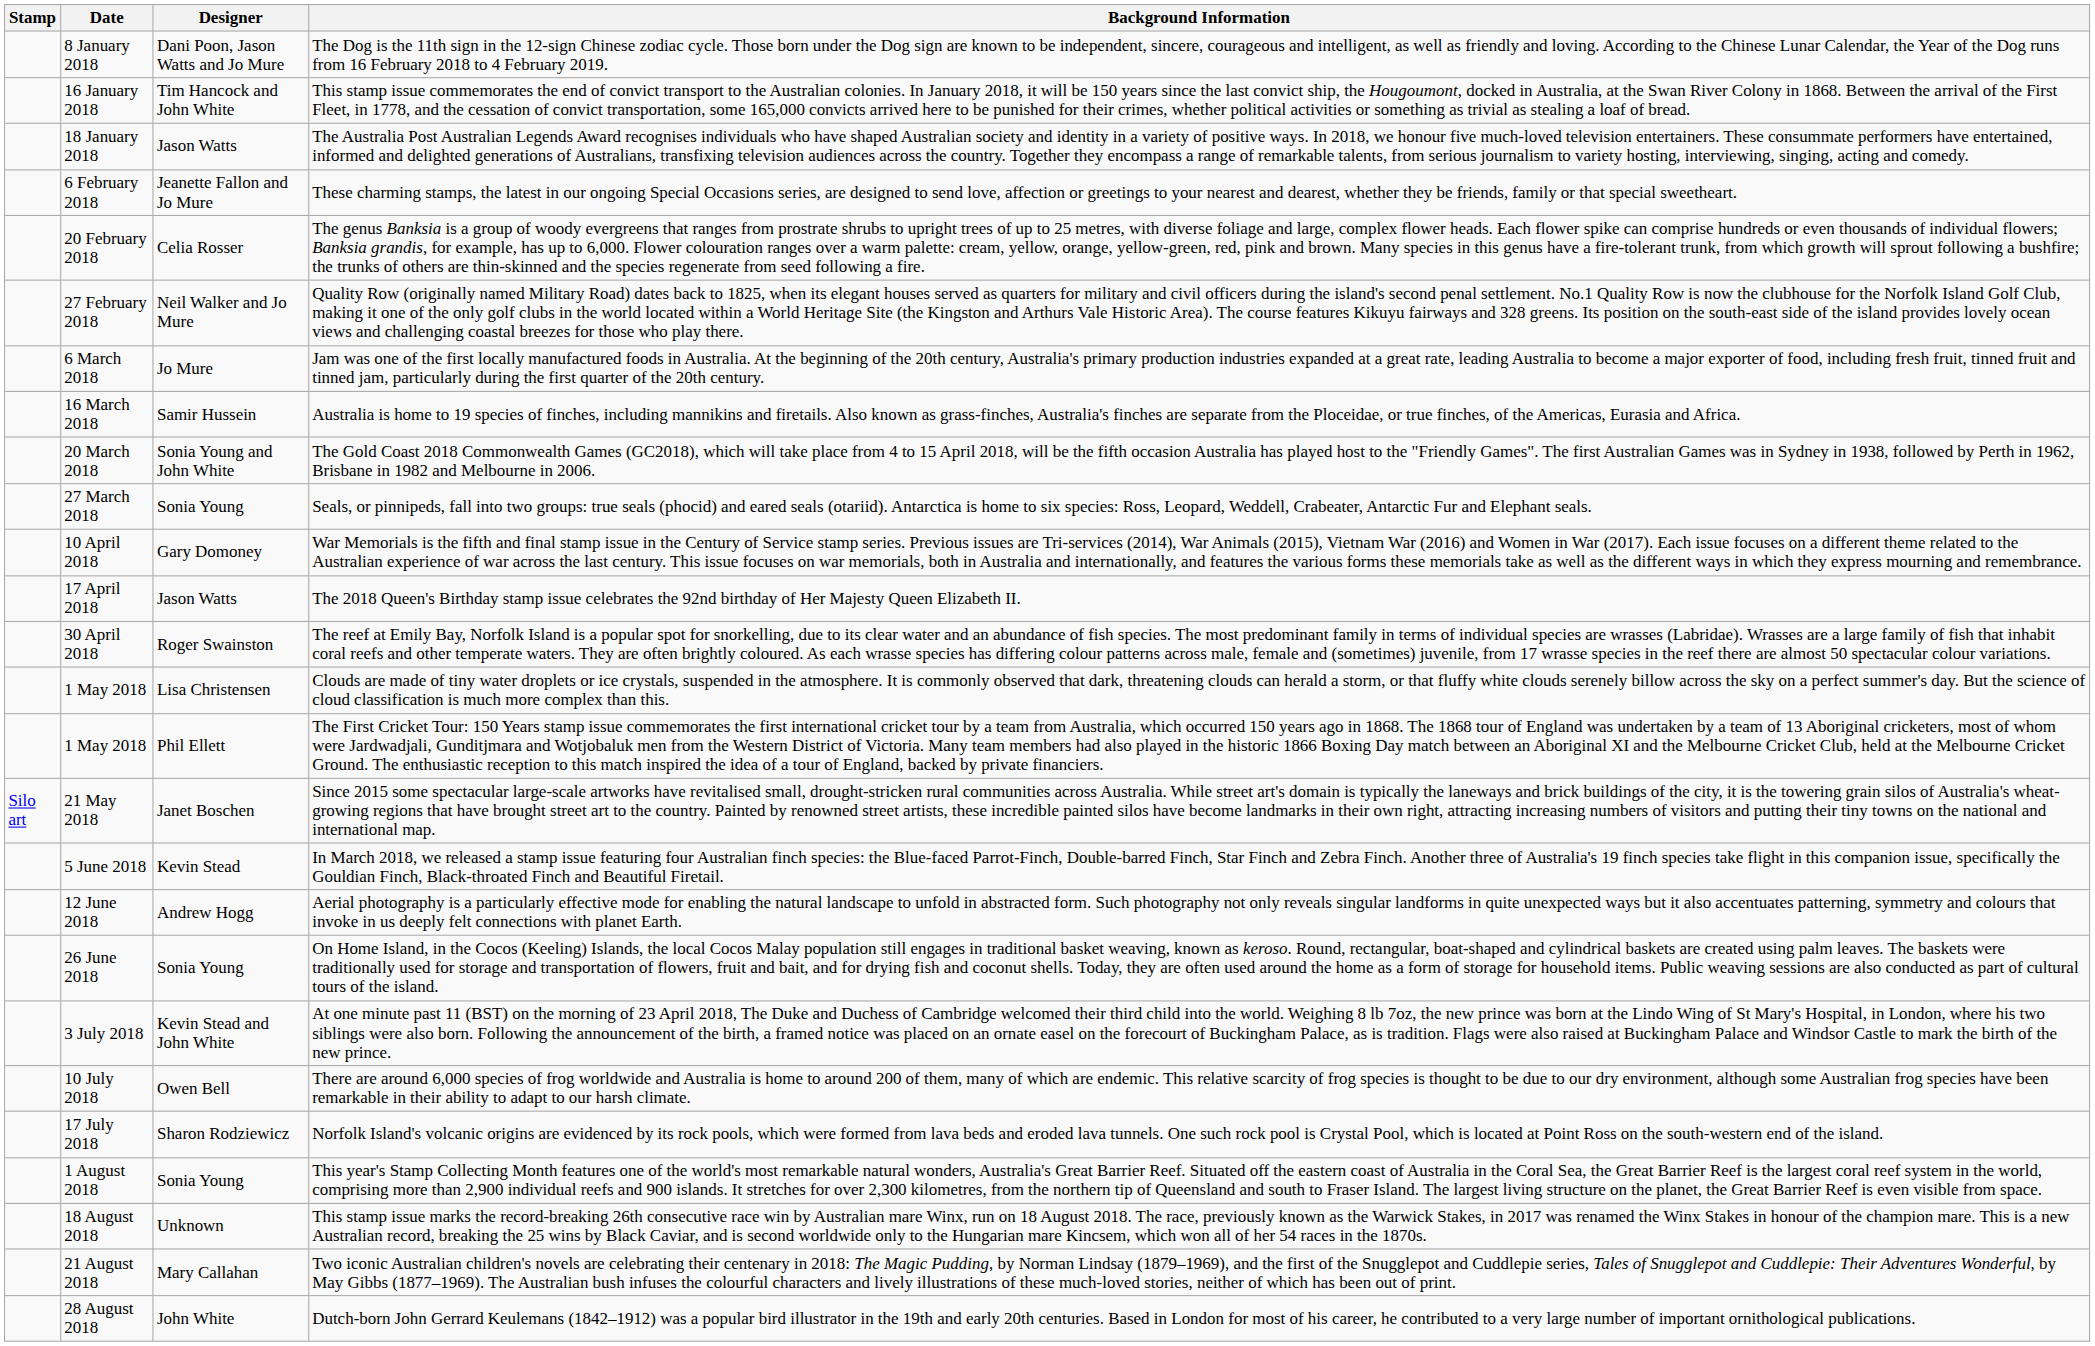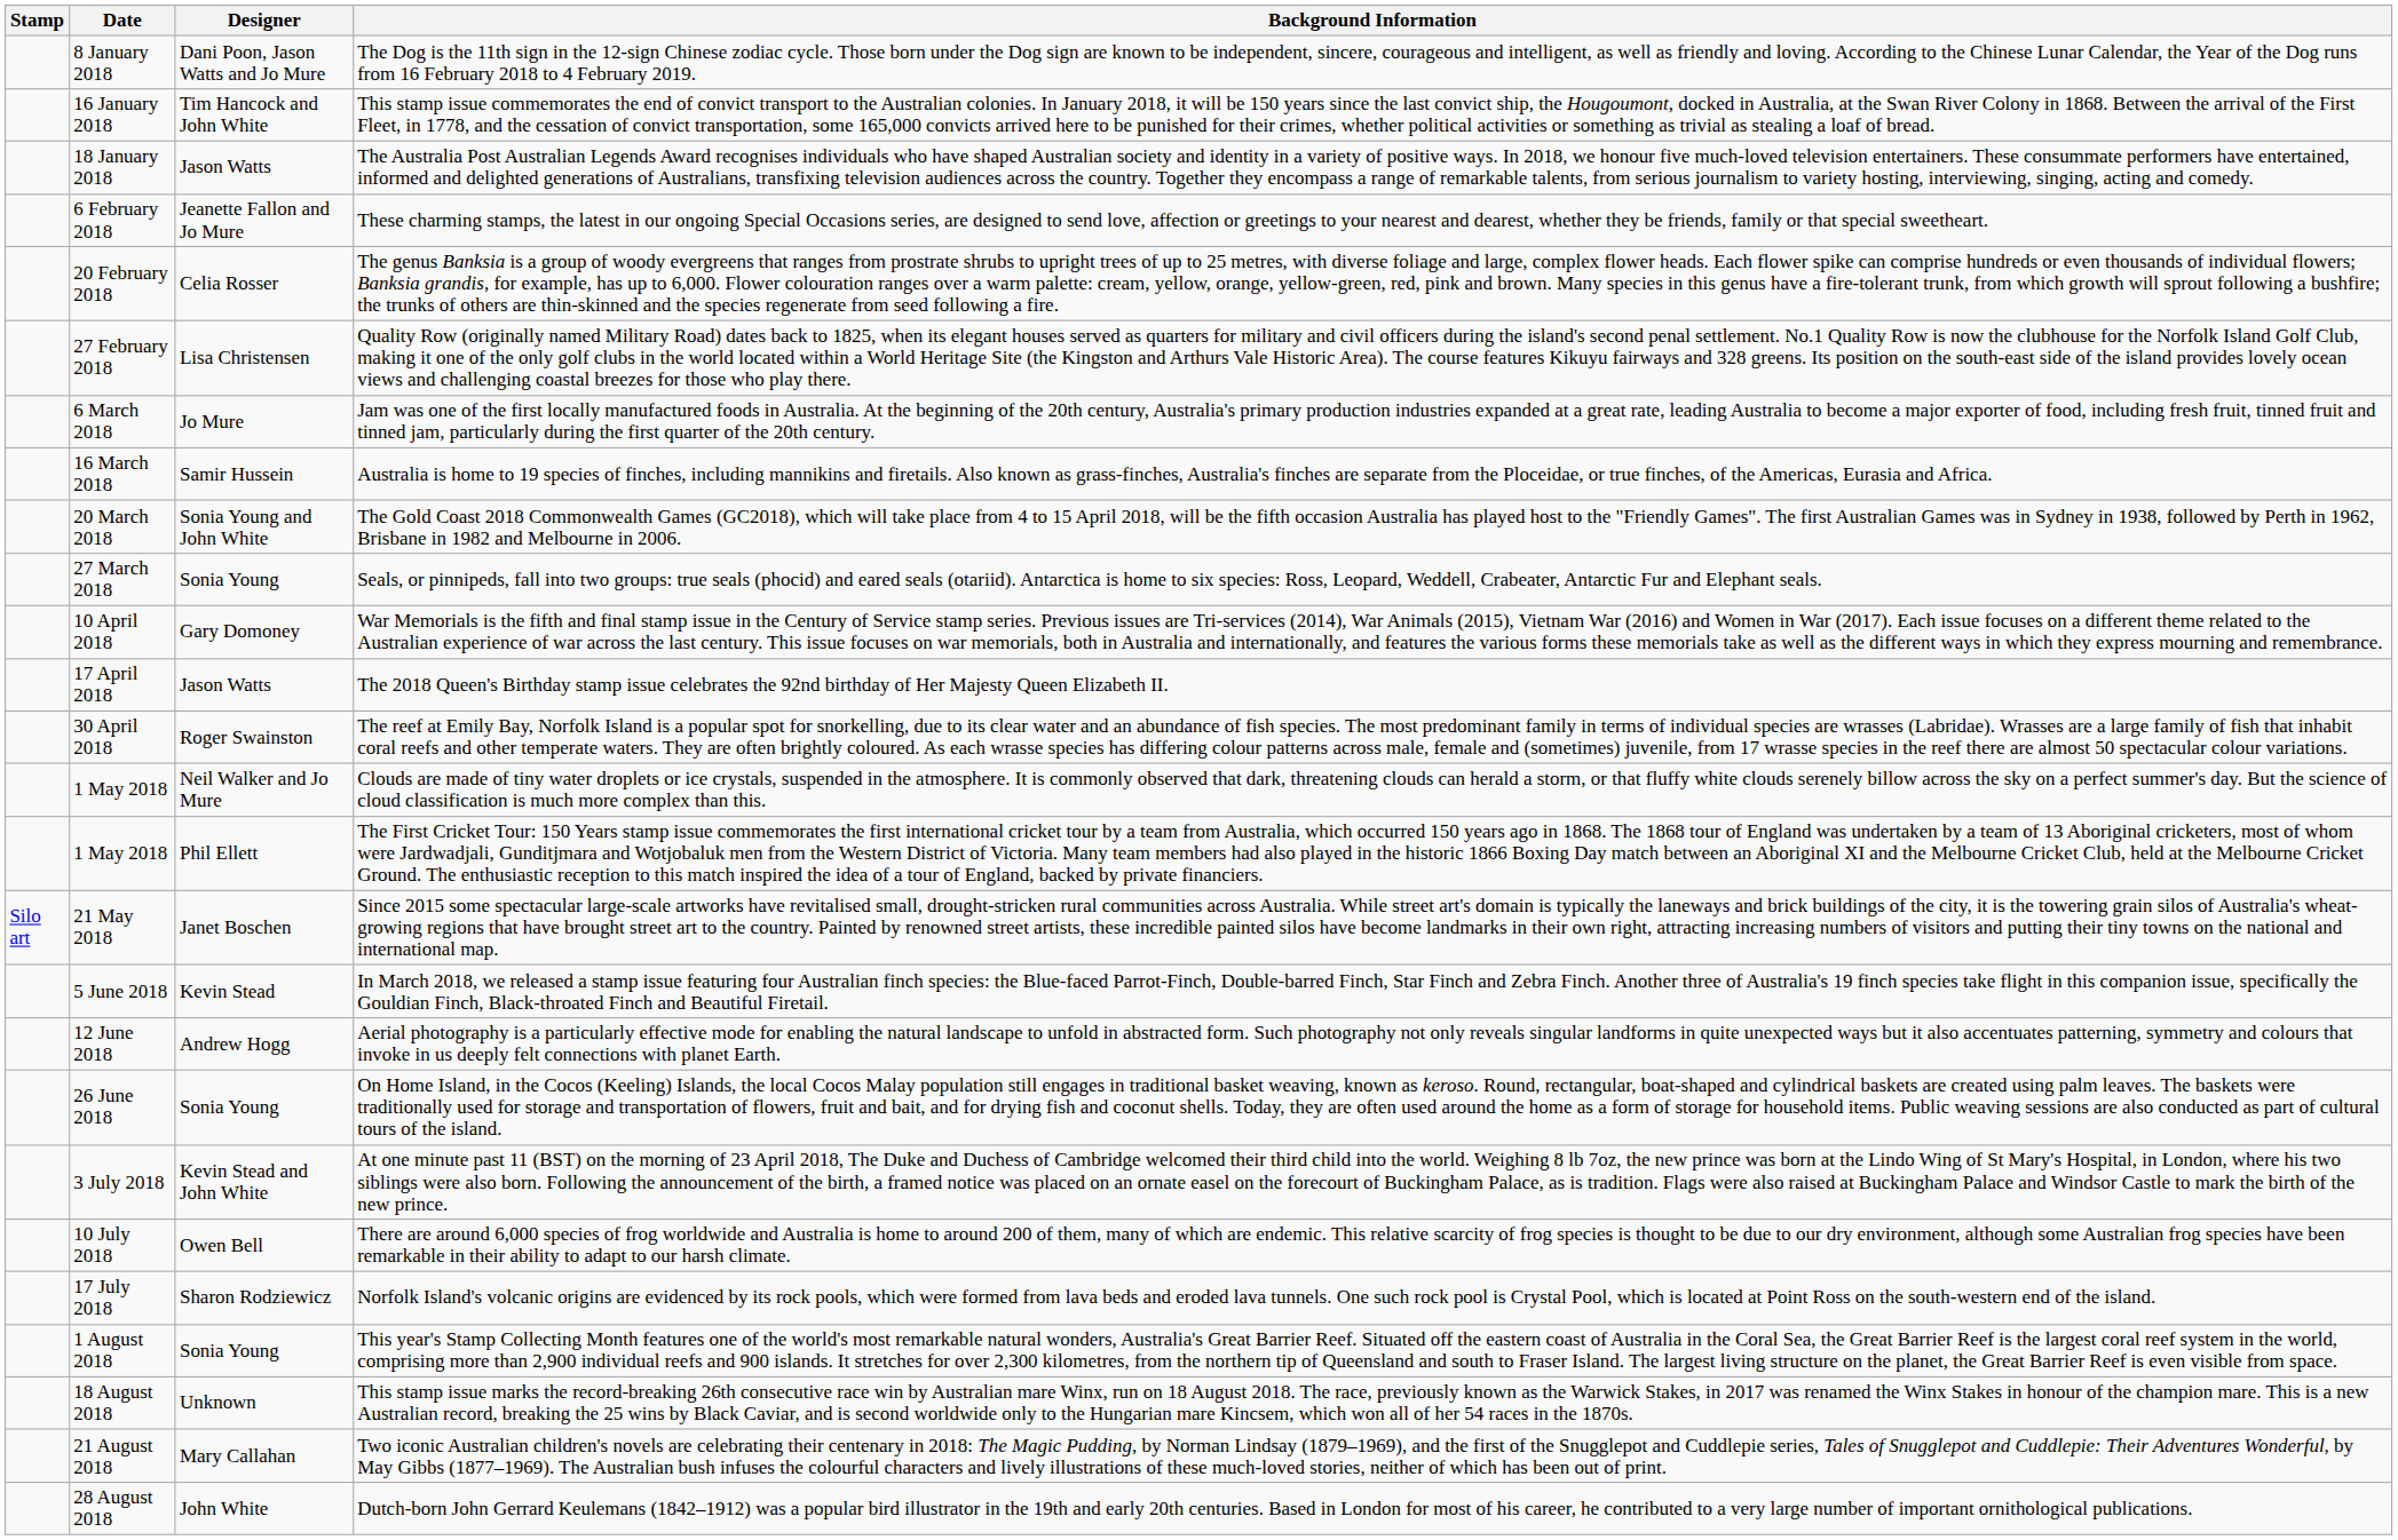 <table class="wikitable mw-collapsible">
 <tr>
 <th>Stamp</th>
 <th>Date</th>
 <th>Designer</th>
 <th>Background Information</th>
 </tr>
 <tr>
 <td></td>
 <td>8 January 2018</td>
 <td>Dani Poon, Jason Watts and Jo Mure</td>
 <td>The Dog is the 11th sign in the 12-sign Chinese zodiac cycle. Those born under the Dog sign are known to be independent, sincere, courageous and intelligent, as well as friendly and loving. According to the Chinese Lunar Calendar, the Year of the Dog runs from 16 February 2018 to 4 February 2019.</td>
 </tr>
 <tr>
 <td></td>
 <td>16 January 2018</td>
 <td>Tim Hancock and John White</td>
 <td>This stamp issue commemorates the end of convict transport to the Australian colonies. In January 2018, it will be 150 years since the last convict ship, the <em>Hougoumont</em>, docked in Australia, at the Swan River Colony in 1868. Between the arrival of the First Fleet, in 1778, and the cessation of convict transportation, some 165,000 convicts arrived here to be punished for their crimes, whether political activities or something as trivial as stealing a loaf of bread.</td>
 </tr>
 <tr>
 <td></td>
 <td>18 January 2018</td>
 <td>Jason Watts</td>
 <td>The Australia Post Australian Legends Award recognises individuals who have shaped Australian society and identity in a variety of positive ways. In 2018, we honour five much-loved television entertainers. These consummate performers have entertained, informed and delighted generations of Australians, transfixing television audiences across the country. Together they encompass a range of remarkable talents, from serious journalism to variety hosting, interviewing, singing, acting and comedy.</td>
 </tr>
 <tr>
 <td></td>
 <td>6 February 2018</td>
 <td>Jeanette Fallon and Jo Mure</td>
 <td>These charming stamps, the latest in our ongoing Special Occasions series, are designed to send love, affection or greetings to your nearest and dearest, whether they be friends, family or that special sweetheart.</td>
 </tr>
 <tr>
 <td></td>
 <td>20 February 2018</td>
 <td>Celia Rosser</td>
 <td>The genus <em>Banksia</em> is a group of woody evergreens that ranges from prostrate shrubs to upright trees of up to 25 metres, with diverse foliage and large, complex flower heads. Each flower spike can comprise hundreds or even thousands of individual flowers; <em>Banksia grandis</em>, for example, has up to 6,000. Flower colouration ranges over a warm palette: cream, yellow, orange, yellow-green, red, pink and brown. Many species in this genus have a fire-tolerant trunk, from which growth will sprout following a bushfire; the trunks of others are thin-skinned and the species regenerate from seed following a fire.</td>
 </tr>
 <tr>
 <td></td>
 <td>27 February 2018</td>
-<td>Neil Walker and Jo Mure</td>
+<td>Lisa Christensen</td>
 <td>Quality Row (originally named Military Road) dates back to 1825, when its elegant houses served as quarters for military and civil officers during the island's second penal settlement. No.1 Quality Row is now the clubhouse for the Norfolk Island Golf Club, making it one of the only golf clubs in the world located within a World Heritage Site (the Kingston and Arthurs Vale Historic Area). The course features Kikuyu fairways and 328 greens. Its position on the south-east side of the island provides lovely ocean views and challenging coastal breezes for those who play there.</td>
 </tr>
 <tr>
 <td></td>
 <td>6 March 2018</td>
 <td>Jo Mure</td>
 <td>Jam was one of the first locally manufactured foods in Australia. At the beginning of the 20th century, Australia's primary production industries expanded at a great rate, leading Australia to become a major exporter of food, including fresh fruit, tinned fruit and tinned jam, particularly during the first quarter of the 20th century.</td>
 </tr>
 <tr>
 <td></td>
 <td>16 March 2018</td>
 <td>Samir Hussein</td>
 <td>Australia is home to 19 species of finches, including mannikins and firetails. Also known as grass-finches, Australia's finches are separate from the Ploceidae, or true finches, of the Americas, Eurasia and Africa.</td>
 </tr>
 <tr>
 <td></td>
 <td>20 March 2018</td>
 <td>Sonia Young and John White</td>
 <td>The Gold Coast 2018 Commonwealth Games (GC2018), which will take place from 4 to 15 April 2018, will be the fifth occasion Australia has played host to the "Friendly Games". The first Australian Games was in Sydney in 1938, followed by Perth in 1962, Brisbane in 1982 and Melbourne in 2006.</td>
 </tr>
 <tr>
 <td></td>
 <td>27 March 2018</td>
 <td>Sonia Young</td>
 <td>Seals, or pinnipeds, fall into two groups: true seals (phocid) and eared seals (otariid). Antarctica is home to six species: Ross, Leopard, Weddell, Crabeater, Antarctic Fur and Elephant seals.</td>
 </tr>
 <tr>
 <td></td>
 <td>10 April 2018</td>
 <td>Gary Domoney</td>
 <td>War Memorials is the fifth and final stamp issue in the Century of Service stamp series. Previous issues are Tri-services (2014), War Animals (2015), Vietnam War (2016) and Women in War (2017). Each issue focuses on a different theme related to the Australian experience of war across the last century. This issue focuses on war memorials, both in Australia and internationally, and features the various forms these memorials take as well as the different ways in which they express mourning and remembrance.</td>
 </tr>
 <tr>
 <td></td>
 <td>17 April 2018</td>
 <td>Jason Watts</td>
 <td>The 2018 Queen's Birthday stamp issue celebrates the 92nd birthday of Her Majesty Queen Elizabeth II.</td>
 </tr>
 <tr>
 <td></td>
 <td>30 April 2018</td>
 <td>Roger Swainston</td>
 <td>The reef at Emily Bay, Norfolk Island is a popular spot for snorkelling, due to its clear water and an abundance of fish species. The most predominant family in terms of individual species are wrasses (Labridae). Wrasses are a large family of fish that inhabit coral reefs and other temperate waters. They are often brightly coloured. As each wrasse species has differing colour patterns across male, female and (sometimes) juvenile, from 17 wrasse species in the reef there are almost 50 spectacular colour variations.</td>
 </tr>
 <tr>
 <td></td>
 <td>1 May 2018</td>
-<td>Lisa Christensen</td>
+<td>Neil Walker and Jo Mure</td>
 <td>Clouds are made of tiny water droplets or ice crystals, suspended in the atmosphere. It is commonly observed that dark, threatening clouds can herald a storm, or that fluffy white clouds serenely billow across the sky on a perfect summer's day. But the science of cloud classification is much more complex than this.</td>
 </tr>
 <tr>
 <td></td>
 <td>1 May 2018</td>
 <td>Phil Ellett</td>
 <td>The First Cricket Tour: 150 Years stamp issue commemorates the first international cricket tour by a team from Australia, which occurred 150 years ago in 1868. The 1868 tour of England was undertaken by a team of 13 Aboriginal cricketers, most of whom were Jardwadjali, Gunditjmara and Wotjobaluk men from the Western District of Victoria. Many team members had also played in the historic 1866 Boxing Day match between an Aboriginal XI and the Melbourne Cricket Club, held at the Melbourne Cricket Ground. The enthusiastic reception to this match inspired the idea of a tour of England, backed by private financiers.</td>
 </tr>
 <tr>
 <td><a href='#'>Silo art</a></td>
 <td>21 May 2018</td>
 <td>Janet Boschen</td>
 <td>Since 2015 some spectacular large-scale artworks have revitalised small, drought-stricken rural communities across Australia. While street art's domain is typically the laneways and brick buildings of the city, it is the towering grain silos of Australia's wheat-growing regions that have brought street art to the country. Painted by renowned street artists, these incredible painted silos have become landmarks in their own right, attracting increasing numbers of visitors and putting their tiny towns on the national and international map.</td>
 </tr>
 <tr>
 <td></td>
 <td>5 June 2018</td>
 <td>Kevin Stead</td>
 <td>In March 2018, we released a stamp issue featuring four Australian finch species: the Blue-faced Parrot-Finch, Double-barred Finch, Star Finch and Zebra Finch. Another three of Australia's 19 finch species take flight in this companion issue, specifically the Gouldian Finch, Black-throated Finch and Beautiful Firetail.</td>
 </tr>
 <tr>
 <td></td>
 <td>12 June 2018</td>
 <td>Andrew Hogg</td>
 <td>Aerial photography is a particularly effective mode for enabling the natural landscape to unfold in abstracted form. Such photography not only reveals singular landforms in quite unexpected ways but it also accentuates patterning, symmetry and colours that invoke in us deeply felt connections with planet Earth.</td>
 </tr>
 <tr>
 <td></td>
 <td>26 June 2018</td>
 <td>Sonia Young</td>
 <td>On Home Island, in the Cocos (Keeling) Islands, the local Cocos Malay population still engages in traditional basket weaving, known as <em>keroso</em>. Round, rectangular, boat-shaped and cylindrical baskets are created using palm leaves. The baskets were traditionally used for storage and transportation of flowers, fruit and bait, and for drying fish and coconut shells. Today, they are often used around the home as a form of storage for household items. Public weaving sessions are also conducted as part of cultural tours of the island.</td>
 </tr>
 <tr>
 <td></td>
 <td>3 July 2018</td>
 <td>Kevin Stead and John White</td>
 <td>At one minute past 11 (BST) on the morning of 23 April 2018, The Duke and Duchess of Cambridge welcomed their third child into the world. Weighing 8 lb 7oz, the new prince was born at the Lindo Wing of St Mary's Hospital, in London, where his two siblings were also born. Following the announcement of the birth, a framed notice was placed on an ornate easel on the forecourt of Buckingham Palace, as is tradition. Flags were also raised at Buckingham Palace and Windsor Castle to mark the birth of the new prince.</td>
 </tr>
 <tr>
 <td></td>
 <td>10 July 2018</td>
 <td>Owen Bell</td>
 <td>There are around 6,000 species of frog worldwide and Australia is home to around 200 of them, many of which are endemic. This relative scarcity of frog species is thought to be due to our dry environment, although some Australian frog species have been remarkable in their ability to adapt to our harsh climate.</td>
 </tr>
 <tr>
 <td></td>
 <td>17 July 2018</td>
 <td>Sharon Rodziewicz</td>
 <td>Norfolk Island's volcanic origins are evidenced by its rock pools, which were formed from lava beds and eroded lava tunnels. One such rock pool is Crystal Pool, which is located at Point Ross on the south-western end of the island.</td>
 </tr>
 <tr>
 <td></td>
 <td>1 August 2018</td>
 <td>Sonia Young</td>
 <td>This year's Stamp Collecting Month features one of the world's most remarkable natural wonders, Australia's Great Barrier Reef. Situated off the eastern coast of Australia in the Coral Sea, the Great Barrier Reef is the largest coral reef system in the world, comprising more than 2,900 individual reefs and 900 islands. It stretches for over 2,300 kilometres, from the northern tip of Queensland and south to Fraser Island. The largest living structure on the planet, the Great Barrier Reef is even visible from space.</td>
 </tr>
 <tr>
 <td></td>
 <td>18 August 2018</td>
 <td>Unknown</td>
 <td>This stamp issue marks the record-breaking 26th consecutive race win by Australian mare Winx, run on 18 August 2018. The race, previously known as the Warwick Stakes, in 2017 was renamed the Winx Stakes in honour of the champion mare. This is a new Australian record, breaking the 25 wins by Black Caviar, and is second worldwide only to the Hungarian mare Kincsem, which won all of her 54 races in the 1870s.</td>
 </tr>
 <tr>
 <td></td>
 <td>21 August 2018</td>
 <td>Mary Callahan</td>
 <td>Two iconic Australian children's novels are celebrating their centenary in 2018: <em>The Magic Pudding</em>, by Norman Lindsay (1879–1969), and the first of the Snugglepot and Cuddlepie series, <em>Tales of Snugglepot and Cuddlepie: Their Adventures Wonderful</em>, by May Gibbs (1877–1969). The Australian bush infuses the colourful characters and lively illustrations of these much-loved stories, neither of which has been out of print.</td>
 </tr>
 <tr>
 <td></td>
 <td>28 August 2018</td>
 <td>John White</td>
 <td>Dutch-born John Gerrard Keulemans (1842–1912) was a popular bird illustrator in the 19th and early 20th centuries. Based in London for most of his career, he contributed to a very large number of important ornithological publications.</td>
 </tr>
 </table>
